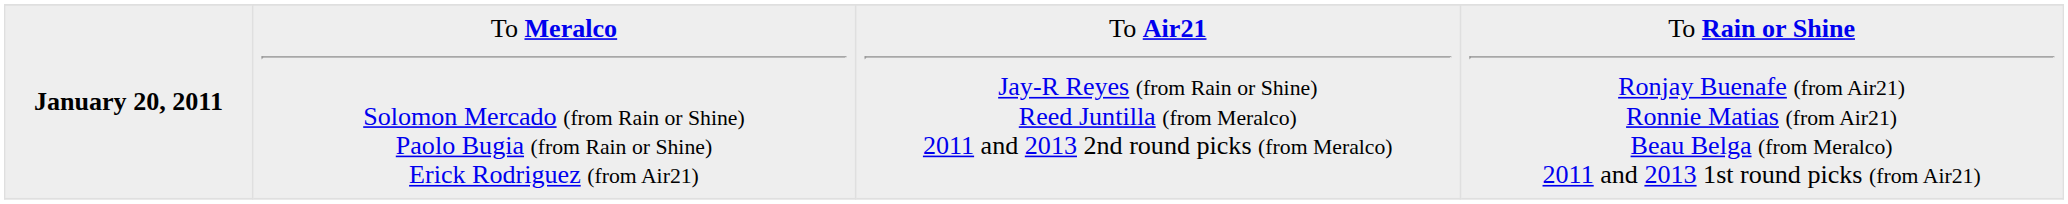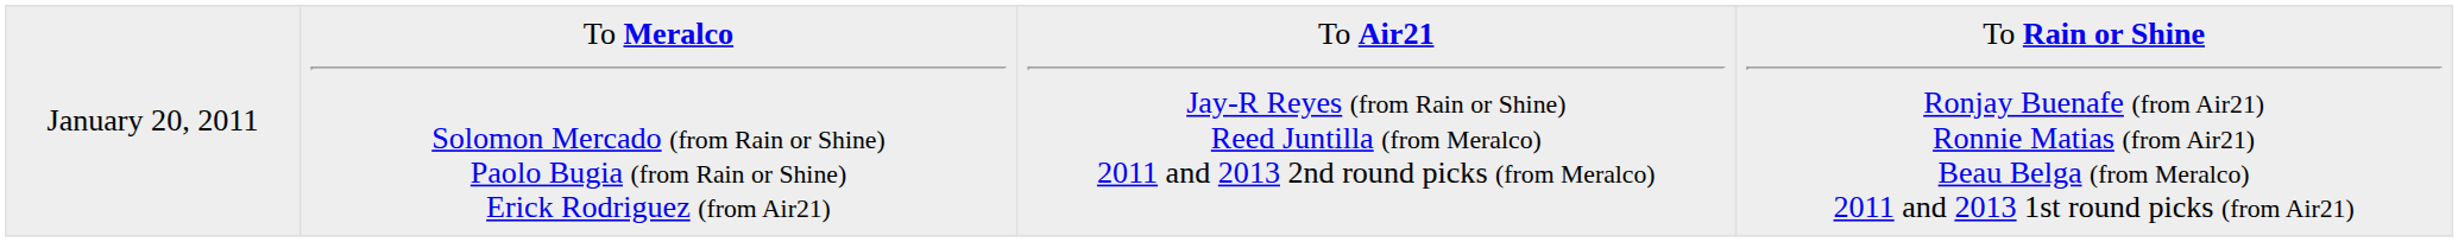 <table border=1 style="border-collapse:collapse; text-align: center; width: 100%" bordercolor="#DFDFDF"  cellpadding="5">
 <tr>
 </tr>
 <tr bgcolor="eeeeee">
-<td style="width:12%"><strong>January 20, 2011</strong></td>
+<td style="width:12%">January 20, 2011</td>
 <td style="width:29.3%" valign="top">To <strong><a href='#'>Meralco</a></strong><hr><br><a href='#'>Solomon Mercado</a> <small>(from Rain or Shine)</small> <br> <a href='#'>Paolo Bugia</a> <small>(from Rain or Shine)</small> <br> <a href='#'>Erick Rodriguez</a> <small>(from Air21)</small></td>
 <td style="width:29.3%" valign="top">To <strong><a href='#'>Air21</a></strong><hr><a href='#'>Jay-R Reyes</a> <small>(from Rain or Shine)</small> <br><a href='#'>Reed Juntilla</a> <small>(from Meralco)</small><br><a href='#'>2011</a> and <a href='#'>2013</a> 2nd round picks <small>(from Meralco)</small></td>
 <td style="width:29.3%" valign="top">To <strong><a href='#'>Rain or Shine</a></strong><hr><a href='#'>Ronjay Buenafe</a> <small>(from Air21)</small> <br> <a href='#'>Ronnie Matias</a> <small>(from Air21)</small><br> <a href='#'>Beau Belga</a> <small>(from Meralco)</small><br> <a href='#'>2011</a> and <a href='#'>2013</a> 1st round picks <small>(from Air21)</small></td>
 </tr>
 </table>
